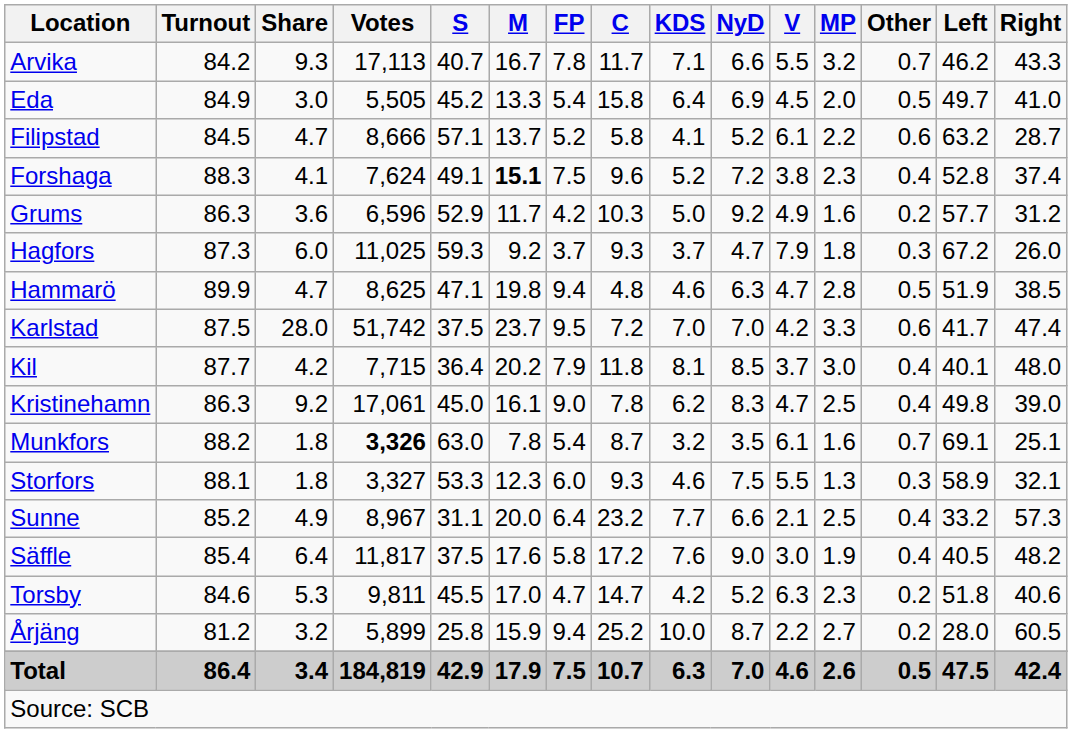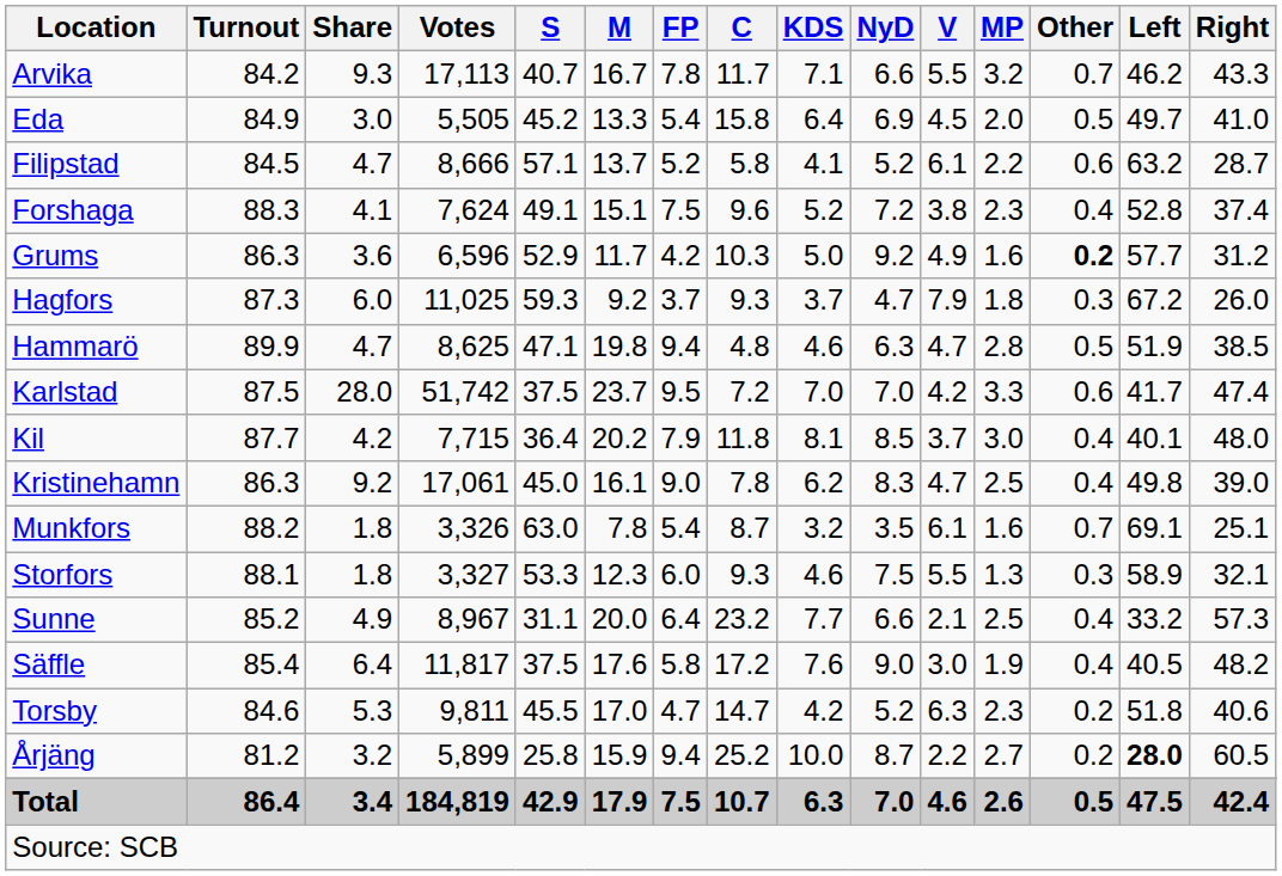 <table class="wikitable sortable" style=text-align:right>
 <tr>
 <th>Location</th>
 <th>Turnout</th>
 <th>Share</th>
 <th>Votes</th>
 <th><a href='#'>S</a></th>
 <th><a href='#'>M</a></th>
 <th><a href='#'>FP</a></th>
 <th><a href='#'>C</a></th>
 <th><a href='#'>KDS</a></th>
 <th><a href='#'>NyD</a></th>
 <th><a href='#'>V</a></th>
 <th><a href='#'>MP</a></th>
 <th>Other</th>
 <th>Left</th>
 <th>Right</th>
 </tr>
 <tr>
 <td align=left><a href='#'>Arvika</a></td>
 <td>84.2</td>
 <td>9.3</td>
 <td>17,113</td>
 <td>40.7</td>
 <td>16.7</td>
 <td>7.8</td>
 <td>11.7</td>
 <td>7.1</td>
 <td>6.6</td>
 <td>5.5</td>
 <td>3.2</td>
 <td>0.7</td>
 <td>46.2</td>
 <td>43.3</td>
 </tr>
 <tr>
 <td align=left><a href='#'>Eda</a></td>
 <td>84.9</td>
 <td>3.0</td>
 <td>5,505</td>
 <td>45.2</td>
 <td>13.3</td>
 <td>5.4</td>
 <td>15.8</td>
 <td>6.4</td>
 <td>6.9</td>
 <td>4.5</td>
 <td>2.0</td>
 <td>0.5</td>
 <td>49.7</td>
 <td>41.0</td>
 </tr>
 <tr>
 <td align=left><a href='#'>Filipstad</a></td>
 <td>84.5</td>
 <td>4.7</td>
 <td>8,666</td>
 <td>57.1</td>
 <td>13.7</td>
 <td>5.2</td>
 <td>5.8</td>
 <td>4.1</td>
 <td>5.2</td>
 <td>6.1</td>
 <td>2.2</td>
 <td>0.6</td>
 <td>63.2</td>
 <td>28.7</td>
 </tr>
 <tr>
 <td align=left><a href='#'>Forshaga</a></td>
 <td>88.3</td>
 <td>4.1</td>
 <td>7,624</td>
 <td>49.1</td>
-<td><strong>15.1</strong></td>
+<td>15.1</td>
 <td>7.5</td>
 <td>9.6</td>
 <td>5.2</td>
 <td>7.2</td>
 <td>3.8</td>
 <td>2.3</td>
 <td>0.4</td>
 <td>52.8</td>
 <td>37.4</td>
 </tr>
 <tr>
 <td align=left><a href='#'>Grums</a></td>
 <td>86.3</td>
 <td>3.6</td>
 <td>6,596</td>
 <td>52.9</td>
 <td>11.7</td>
 <td>4.2</td>
 <td>10.3</td>
 <td>5.0</td>
 <td>9.2</td>
 <td>4.9</td>
 <td>1.6</td>
-<td>0.2</td>
+<td><strong>0.2</strong></td>
 <td>57.7</td>
 <td>31.2</td>
 </tr>
 <tr>
 <td align=left><a href='#'>Hagfors</a></td>
 <td>87.3</td>
 <td>6.0</td>
 <td>11,025</td>
 <td>59.3</td>
 <td>9.2</td>
 <td>3.7</td>
 <td>9.3</td>
 <td>3.7</td>
 <td>4.7</td>
 <td>7.9</td>
 <td>1.8</td>
 <td>0.3</td>
 <td>67.2</td>
 <td>26.0</td>
 </tr>
 <tr>
 <td align=left><a href='#'>Hammarö</a></td>
 <td>89.9</td>
 <td>4.7</td>
 <td>8,625</td>
 <td>47.1</td>
 <td>19.8</td>
 <td>9.4</td>
 <td>4.8</td>
 <td>4.6</td>
 <td>6.3</td>
 <td>4.7</td>
 <td>2.8</td>
 <td>0.5</td>
 <td>51.9</td>
 <td>38.5</td>
 </tr>
 <tr>
 <td align=left><a href='#'>Karlstad</a></td>
 <td>87.5</td>
 <td>28.0</td>
 <td>51,742</td>
 <td>37.5</td>
 <td>23.7</td>
 <td>9.5</td>
 <td>7.2</td>
 <td>7.0</td>
 <td>7.0</td>
 <td>4.2</td>
 <td>3.3</td>
 <td>0.6</td>
 <td>41.7</td>
 <td>47.4</td>
 </tr>
 <tr>
 <td align=left><a href='#'>Kil</a></td>
 <td>87.7</td>
 <td>4.2</td>
 <td>7,715</td>
 <td>36.4</td>
 <td>20.2</td>
 <td>7.9</td>
 <td>11.8</td>
 <td>8.1</td>
 <td>8.5</td>
 <td>3.7</td>
 <td>3.0</td>
 <td>0.4</td>
 <td>40.1</td>
 <td>48.0</td>
 </tr>
 <tr>
 <td align=left><a href='#'>Kristinehamn</a></td>
 <td>86.3</td>
 <td>9.2</td>
 <td>17,061</td>
 <td>45.0</td>
 <td>16.1</td>
 <td>9.0</td>
 <td>7.8</td>
 <td>6.2</td>
 <td>8.3</td>
 <td>4.7</td>
 <td>2.5</td>
 <td>0.4</td>
 <td>49.8</td>
 <td>39.0</td>
 </tr>
 <tr>
 <td align=left><a href='#'>Munkfors</a></td>
 <td>88.2</td>
 <td>1.8</td>
-<td><strong>3,326</strong></td>
+<td>3,326</td>
 <td>63.0</td>
 <td>7.8</td>
 <td>5.4</td>
 <td>8.7</td>
 <td>3.2</td>
 <td>3.5</td>
 <td>6.1</td>
 <td>1.6</td>
 <td>0.7</td>
 <td>69.1</td>
 <td>25.1</td>
 </tr>
 <tr>
 <td align=left><a href='#'>Storfors</a></td>
 <td>88.1</td>
 <td>1.8</td>
 <td>3,327</td>
 <td>53.3</td>
 <td>12.3</td>
 <td>6.0</td>
 <td>9.3</td>
 <td>4.6</td>
 <td>7.5</td>
 <td>5.5</td>
 <td>1.3</td>
 <td>0.3</td>
 <td>58.9</td>
 <td>32.1</td>
 </tr>
 <tr>
 <td align=left><a href='#'>Sunne</a></td>
 <td>85.2</td>
 <td>4.9</td>
 <td>8,967</td>
 <td>31.1</td>
 <td>20.0</td>
 <td>6.4</td>
 <td>23.2</td>
 <td>7.7</td>
 <td>6.6</td>
 <td>2.1</td>
 <td>2.5</td>
 <td>0.4</td>
 <td>33.2</td>
 <td>57.3</td>
 </tr>
 <tr>
 <td align=left><a href='#'>Säffle</a></td>
 <td>85.4</td>
 <td>6.4</td>
 <td>11,817</td>
 <td>37.5</td>
 <td>17.6</td>
 <td>5.8</td>
 <td>17.2</td>
 <td>7.6</td>
 <td>9.0</td>
 <td>3.0</td>
 <td>1.9</td>
 <td>0.4</td>
 <td>40.5</td>
 <td>48.2</td>
 </tr>
 <tr>
 <td align=left><a href='#'>Torsby</a></td>
 <td>84.6</td>
 <td>5.3</td>
 <td>9,811</td>
 <td>45.5</td>
 <td>17.0</td>
 <td>4.7</td>
 <td>14.7</td>
 <td>4.2</td>
 <td>5.2</td>
 <td>6.3</td>
 <td>2.3</td>
 <td>0.2</td>
 <td>51.8</td>
 <td>40.6</td>
 </tr>
 <tr>
 <td align=left><a href='#'>Årjäng</a></td>
 <td>81.2</td>
 <td>3.2</td>
 <td>5,899</td>
 <td>25.8</td>
 <td>15.9</td>
 <td>9.4</td>
 <td>25.2</td>
 <td>10.0</td>
 <td>8.7</td>
 <td>2.2</td>
 <td>2.7</td>
 <td>0.2</td>
-<td>28.0</td>
+<td><strong>28.0</strong></td>
 <td>60.5</td>
 </tr>
 <tr>
 </tr>
 <tr style="background:#CDCDCD;">
 <td align=left><strong>Total</strong></td>
 <td><strong>86.4</strong></td>
 <td><strong>3.4</strong></td>
 <td><strong>184,819</strong></td>
 <td><strong>42.9</strong></td>
 <td><strong>17.9</strong></td>
 <td><strong>7.5</strong></td>
 <td><strong>10.7</strong></td>
 <td><strong>6.3</strong></td>
 <td><strong>7.0</strong></td>
 <td><strong>4.6</strong></td>
 <td><strong>2.6</strong></td>
 <td><strong>0.5</strong></td>
 <td><strong>47.5</strong></td>
 <td><strong>42.4</strong></td>
 </tr>
 <tr>
 <td align=left colspan=15>Source: SCB </td>
 </tr>
 </table>
